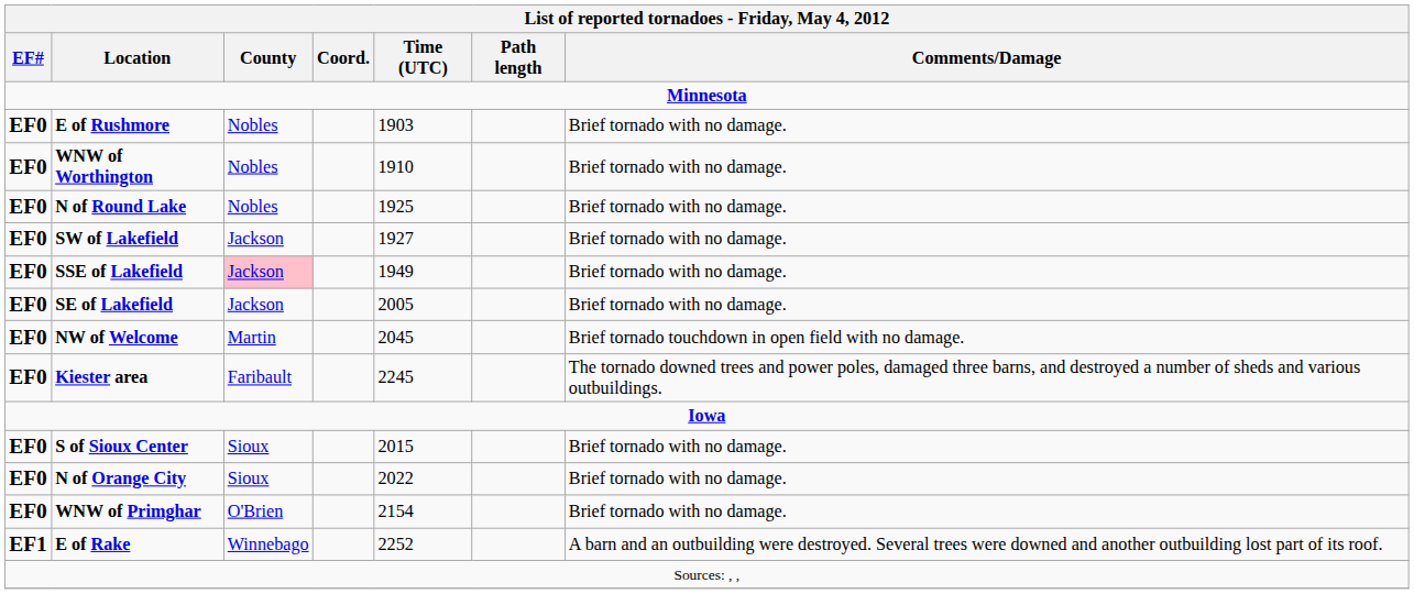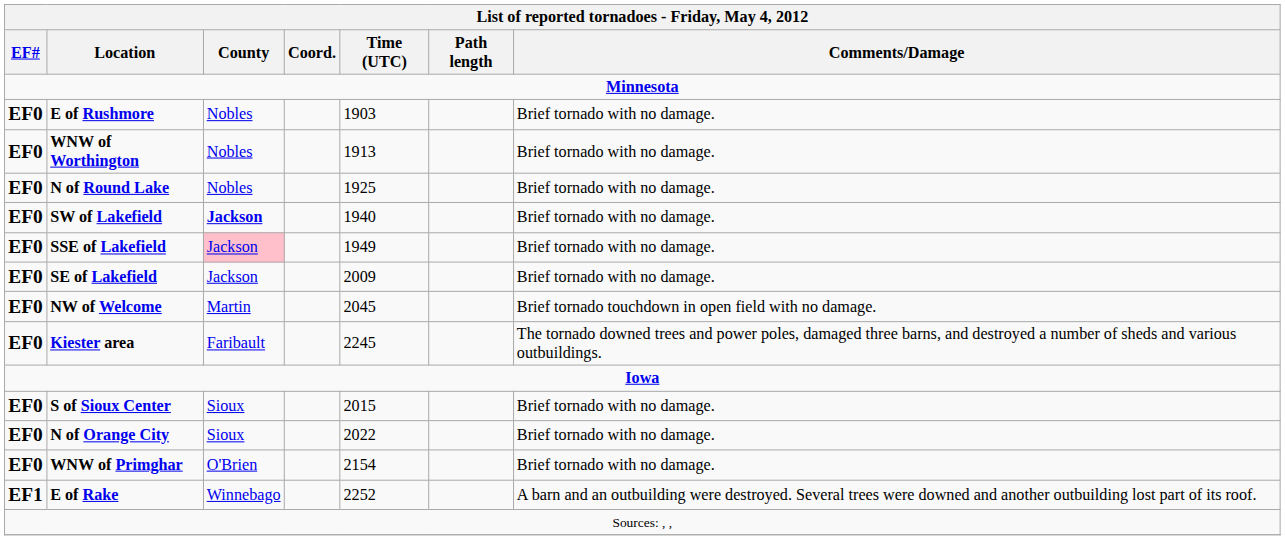 <table class="wikitable collapsible" width="100%">
 <tr>
 <th colspan="7">List of reported tornadoes - Friday, May 4, 2012</th>
 </tr>
 <tr>
 <th><a href='#'>EF#</a></th>
 <th>Location</th>
 <th>County</th>
 <th>Coord.</th>
 <th>Time (UTC)</th>
 <th>Path length</th>
 <th>Comments/Damage</th>
 </tr>
 <tr>
 <td colspan="7" align=center><strong><a href='#'>Minnesota</a></strong></td>
 </tr>
 <tr>
 <td><big><strong>EF0</strong></big></td>
 <td><strong>E of <a href='#'>Rushmore</a></strong></td>
 <td><a href='#'>Nobles</a></td>
 <td></td>
 <td>1903</td>
 <td></td>
 <td>Brief tornado with no damage.</td>
 </tr>
 <tr>
 <td><big><strong>EF0</strong></big></td>
 <td><strong>WNW of <a href='#'>Worthington</a></strong></td>
 <td><a href='#'>Nobles</a></td>
 <td></td>
-<td>1910</td>
+<td>1913</td>
 <td></td>
 <td>Brief tornado with no damage.</td>
 </tr>
 <tr>
 <td><big><strong>EF0</strong></big></td>
 <td><strong>N of <a href='#'>Round Lake</a></strong></td>
 <td><a href='#'>Nobles</a></td>
 <td></td>
 <td>1925</td>
 <td></td>
 <td>Brief tornado with no damage.</td>
 </tr>
 <tr>
 <td><big><strong>EF0</strong></big></td>
 <td><strong>SW of <a href='#'>Lakefield</a></strong></td>
-<td><a href='#'>Jackson</a></td>
+<td><strong><a href='#'>Jackson</a></strong></td>
 <td></td>
-<td>1927</td>
+<td>1940</td>
 <td></td>
 <td>Brief tornado with no damage.</td>
 </tr>
 <tr>
 <td><big><strong>EF0</strong></big></td>
 <td><strong>SSE of <a href='#'>Lakefield</a></strong></td>
 <td style="background: pink;"><a href='#'>Jackson</a></td>
 <td></td>
 <td>1949</td>
 <td></td>
 <td>Brief tornado with no damage.</td>
 </tr>
 <tr>
 <td><big><strong>EF0</strong></big></td>
 <td><strong>SE of <a href='#'>Lakefield</a></strong></td>
 <td><a href='#'>Jackson</a></td>
 <td></td>
-<td>2005</td>
+<td>2009</td>
 <td></td>
 <td>Brief tornado with no damage.</td>
 </tr>
 <tr>
 <td><big><strong>EF0</strong></big></td>
 <td><strong>NW of <a href='#'>Welcome</a></strong></td>
 <td><a href='#'>Martin</a></td>
 <td></td>
 <td>2045</td>
 <td></td>
 <td>Brief tornado touchdown in open field with no damage.</td>
 </tr>
 <tr>
 <td><big><strong>EF0</strong></big></td>
 <td><strong><a href='#'>Kiester</a> area</strong></td>
 <td><a href='#'>Faribault</a></td>
 <td></td>
 <td>2245</td>
 <td></td>
 <td>The tornado downed trees and power poles, damaged three barns, and destroyed a number of sheds and various outbuildings.</td>
 </tr>
 <tr>
 <td colspan="7" align=center><strong><a href='#'>Iowa</a></strong></td>
 </tr>
 <tr>
 <td><big><strong>EF0</strong></big></td>
 <td><strong>S of <a href='#'>Sioux Center</a></strong></td>
 <td><a href='#'>Sioux</a></td>
 <td></td>
 <td>2015</td>
 <td></td>
 <td>Brief tornado with no damage.</td>
 </tr>
 <tr>
 <td><big><strong>EF0</strong></big></td>
 <td><strong>N of <a href='#'>Orange City</a></strong></td>
 <td><a href='#'>Sioux</a></td>
 <td></td>
 <td>2022</td>
 <td></td>
 <td>Brief tornado with no damage.</td>
 </tr>
 <tr>
 <td><big><strong>EF0</strong></big></td>
 <td><strong>WNW of <a href='#'>Primghar</a></strong></td>
 <td><a href='#'>O'Brien</a></td>
 <td></td>
 <td>2154</td>
 <td></td>
 <td>Brief tornado with no damage.</td>
 </tr>
 <tr>
 <td><big><strong>EF1</strong></big></td>
 <td><strong>E of <a href='#'>Rake</a></strong></td>
 <td><a href='#'>Winnebago</a></td>
 <td></td>
 <td>2252</td>
 <td></td>
 <td>A barn and an outbuilding were destroyed. Several trees were downed and another outbuilding lost part of its roof.</td>
 </tr>
 <tr>
 <td colspan="7" align=center><small>Sources: , , </small></td>
 </tr>
 <tr>
 </tr>
 </table>
